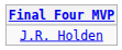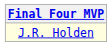 <table class=wikitable style="text-align:center; margin:auto">
 <tr>
 <th><a href='#'>Final Four MVP</a></th>
 </tr>
 <tr>
-<td> <a href='#'>J.R. Holden</a></td>
+<td style="background: lightyellow;"> <a href='#'>J.R. Holden</a></td>
 </tr>
 </table>
